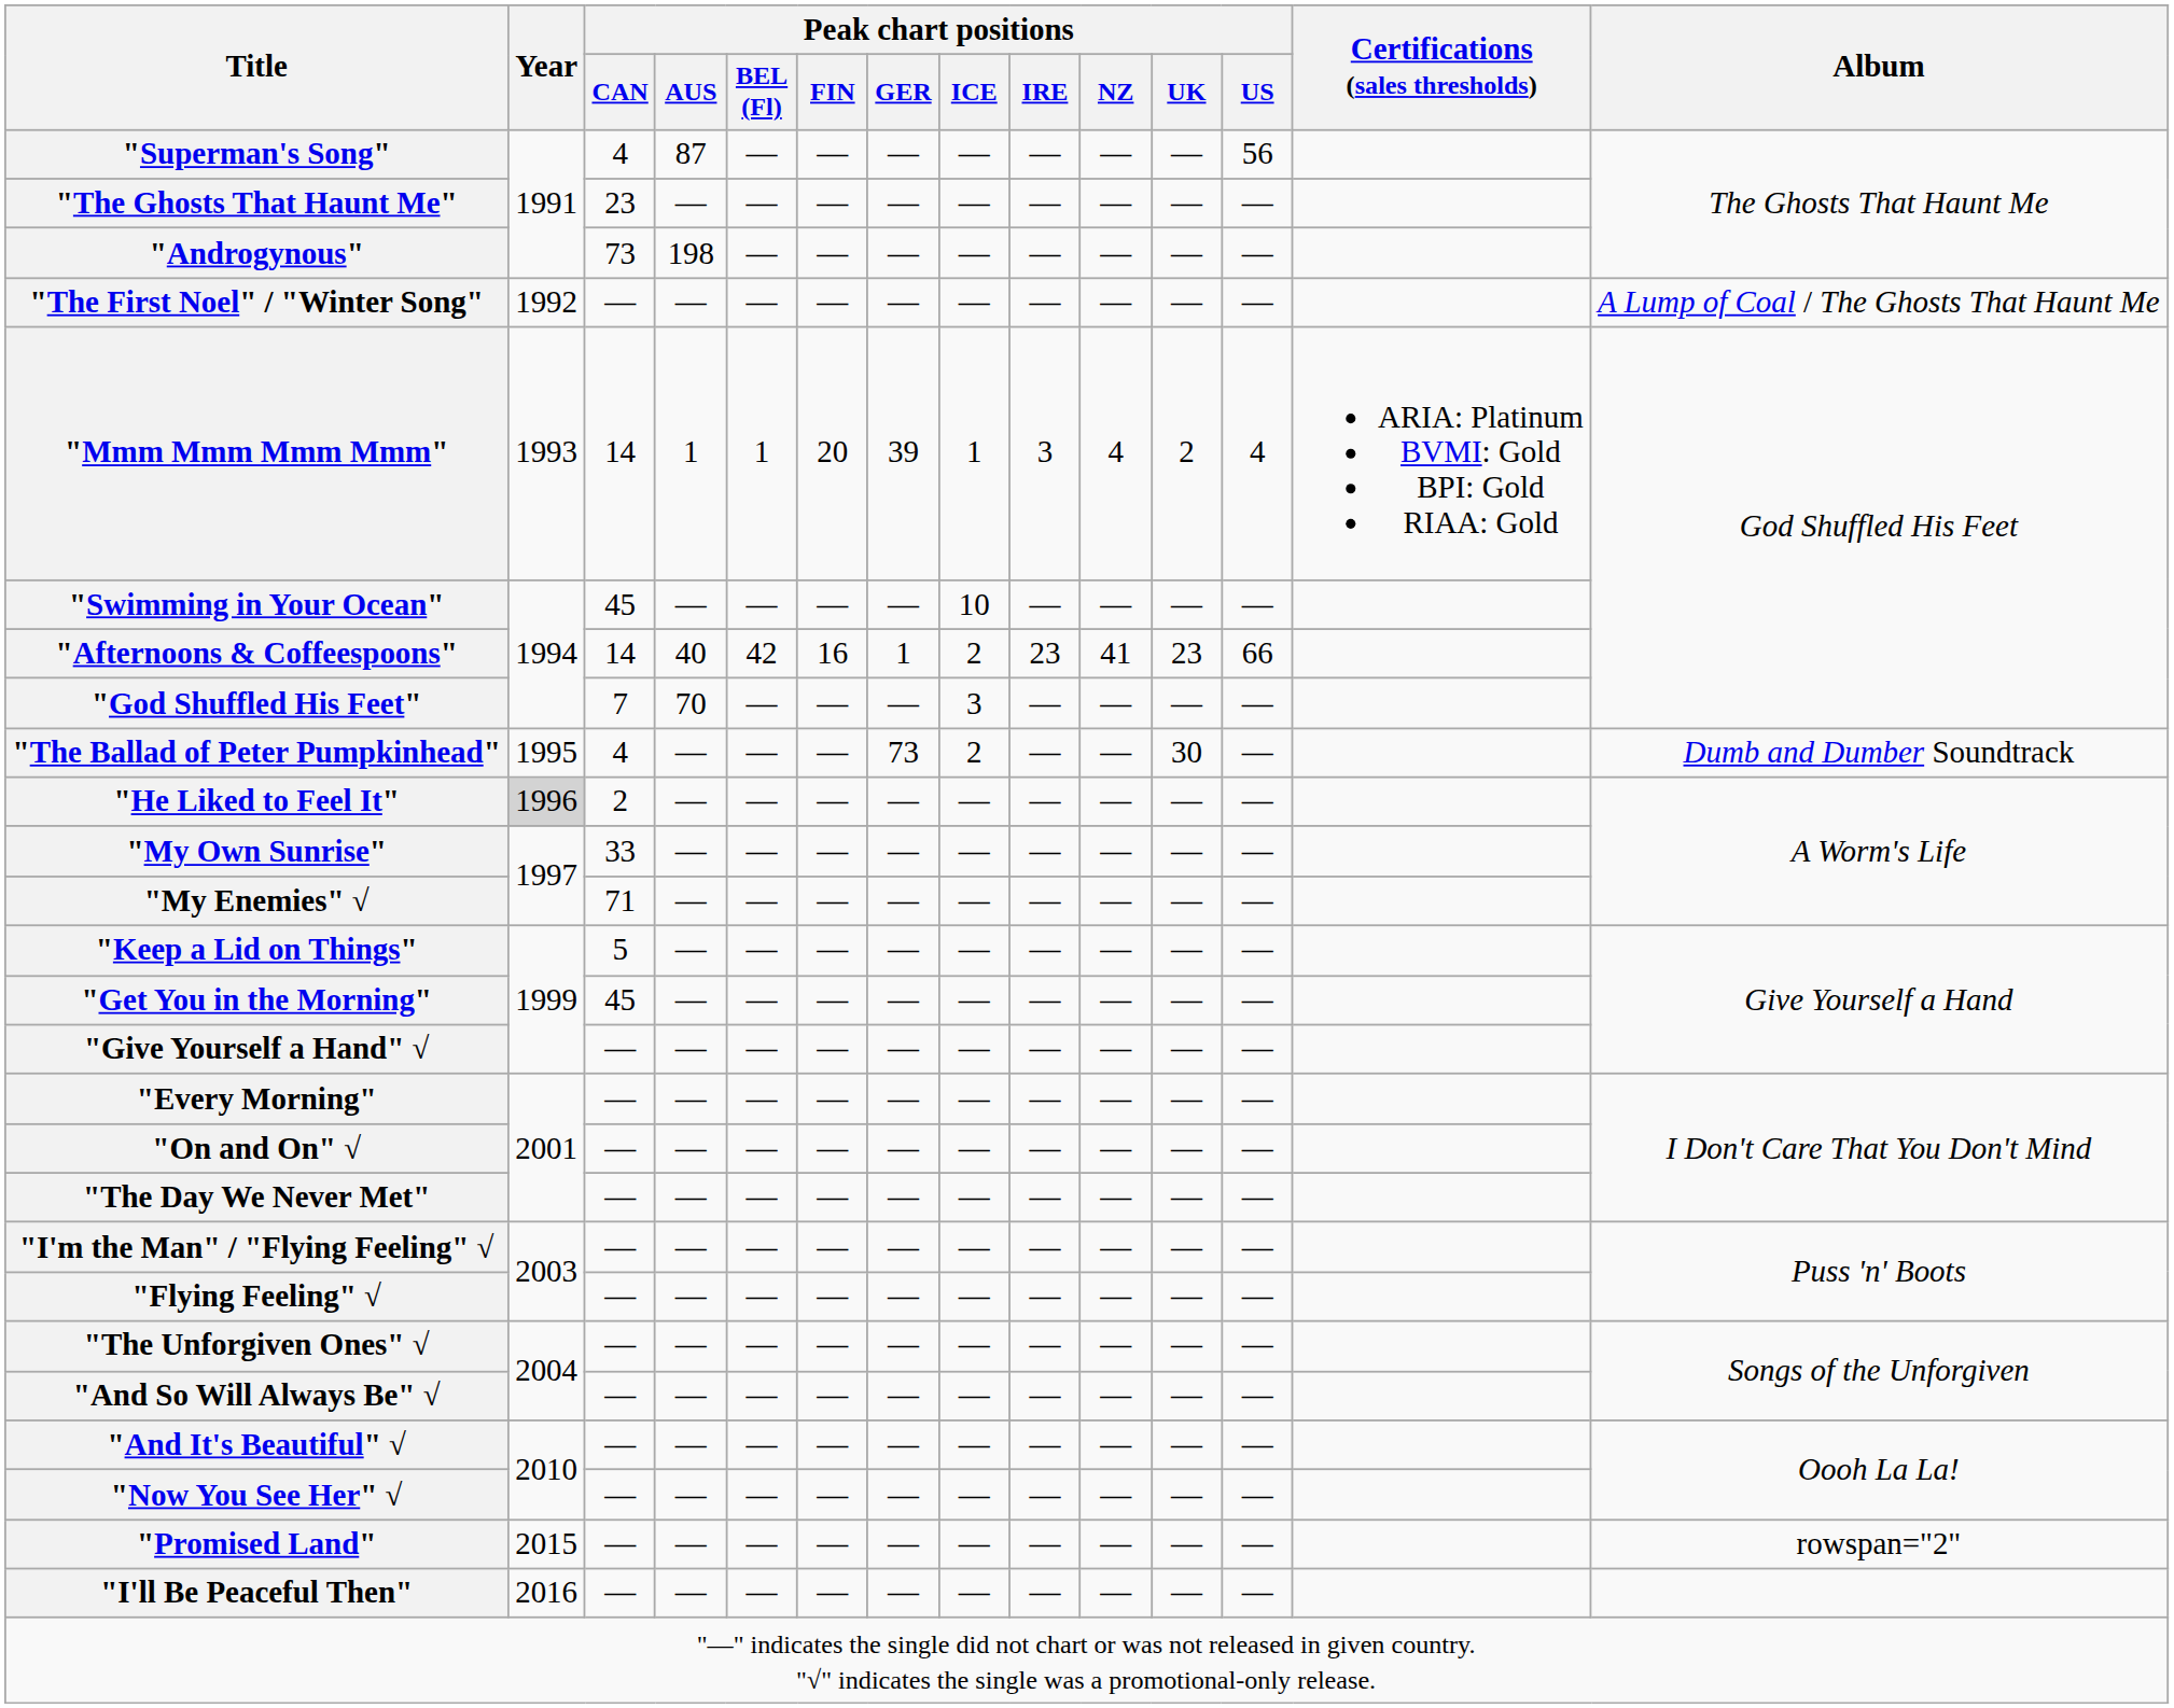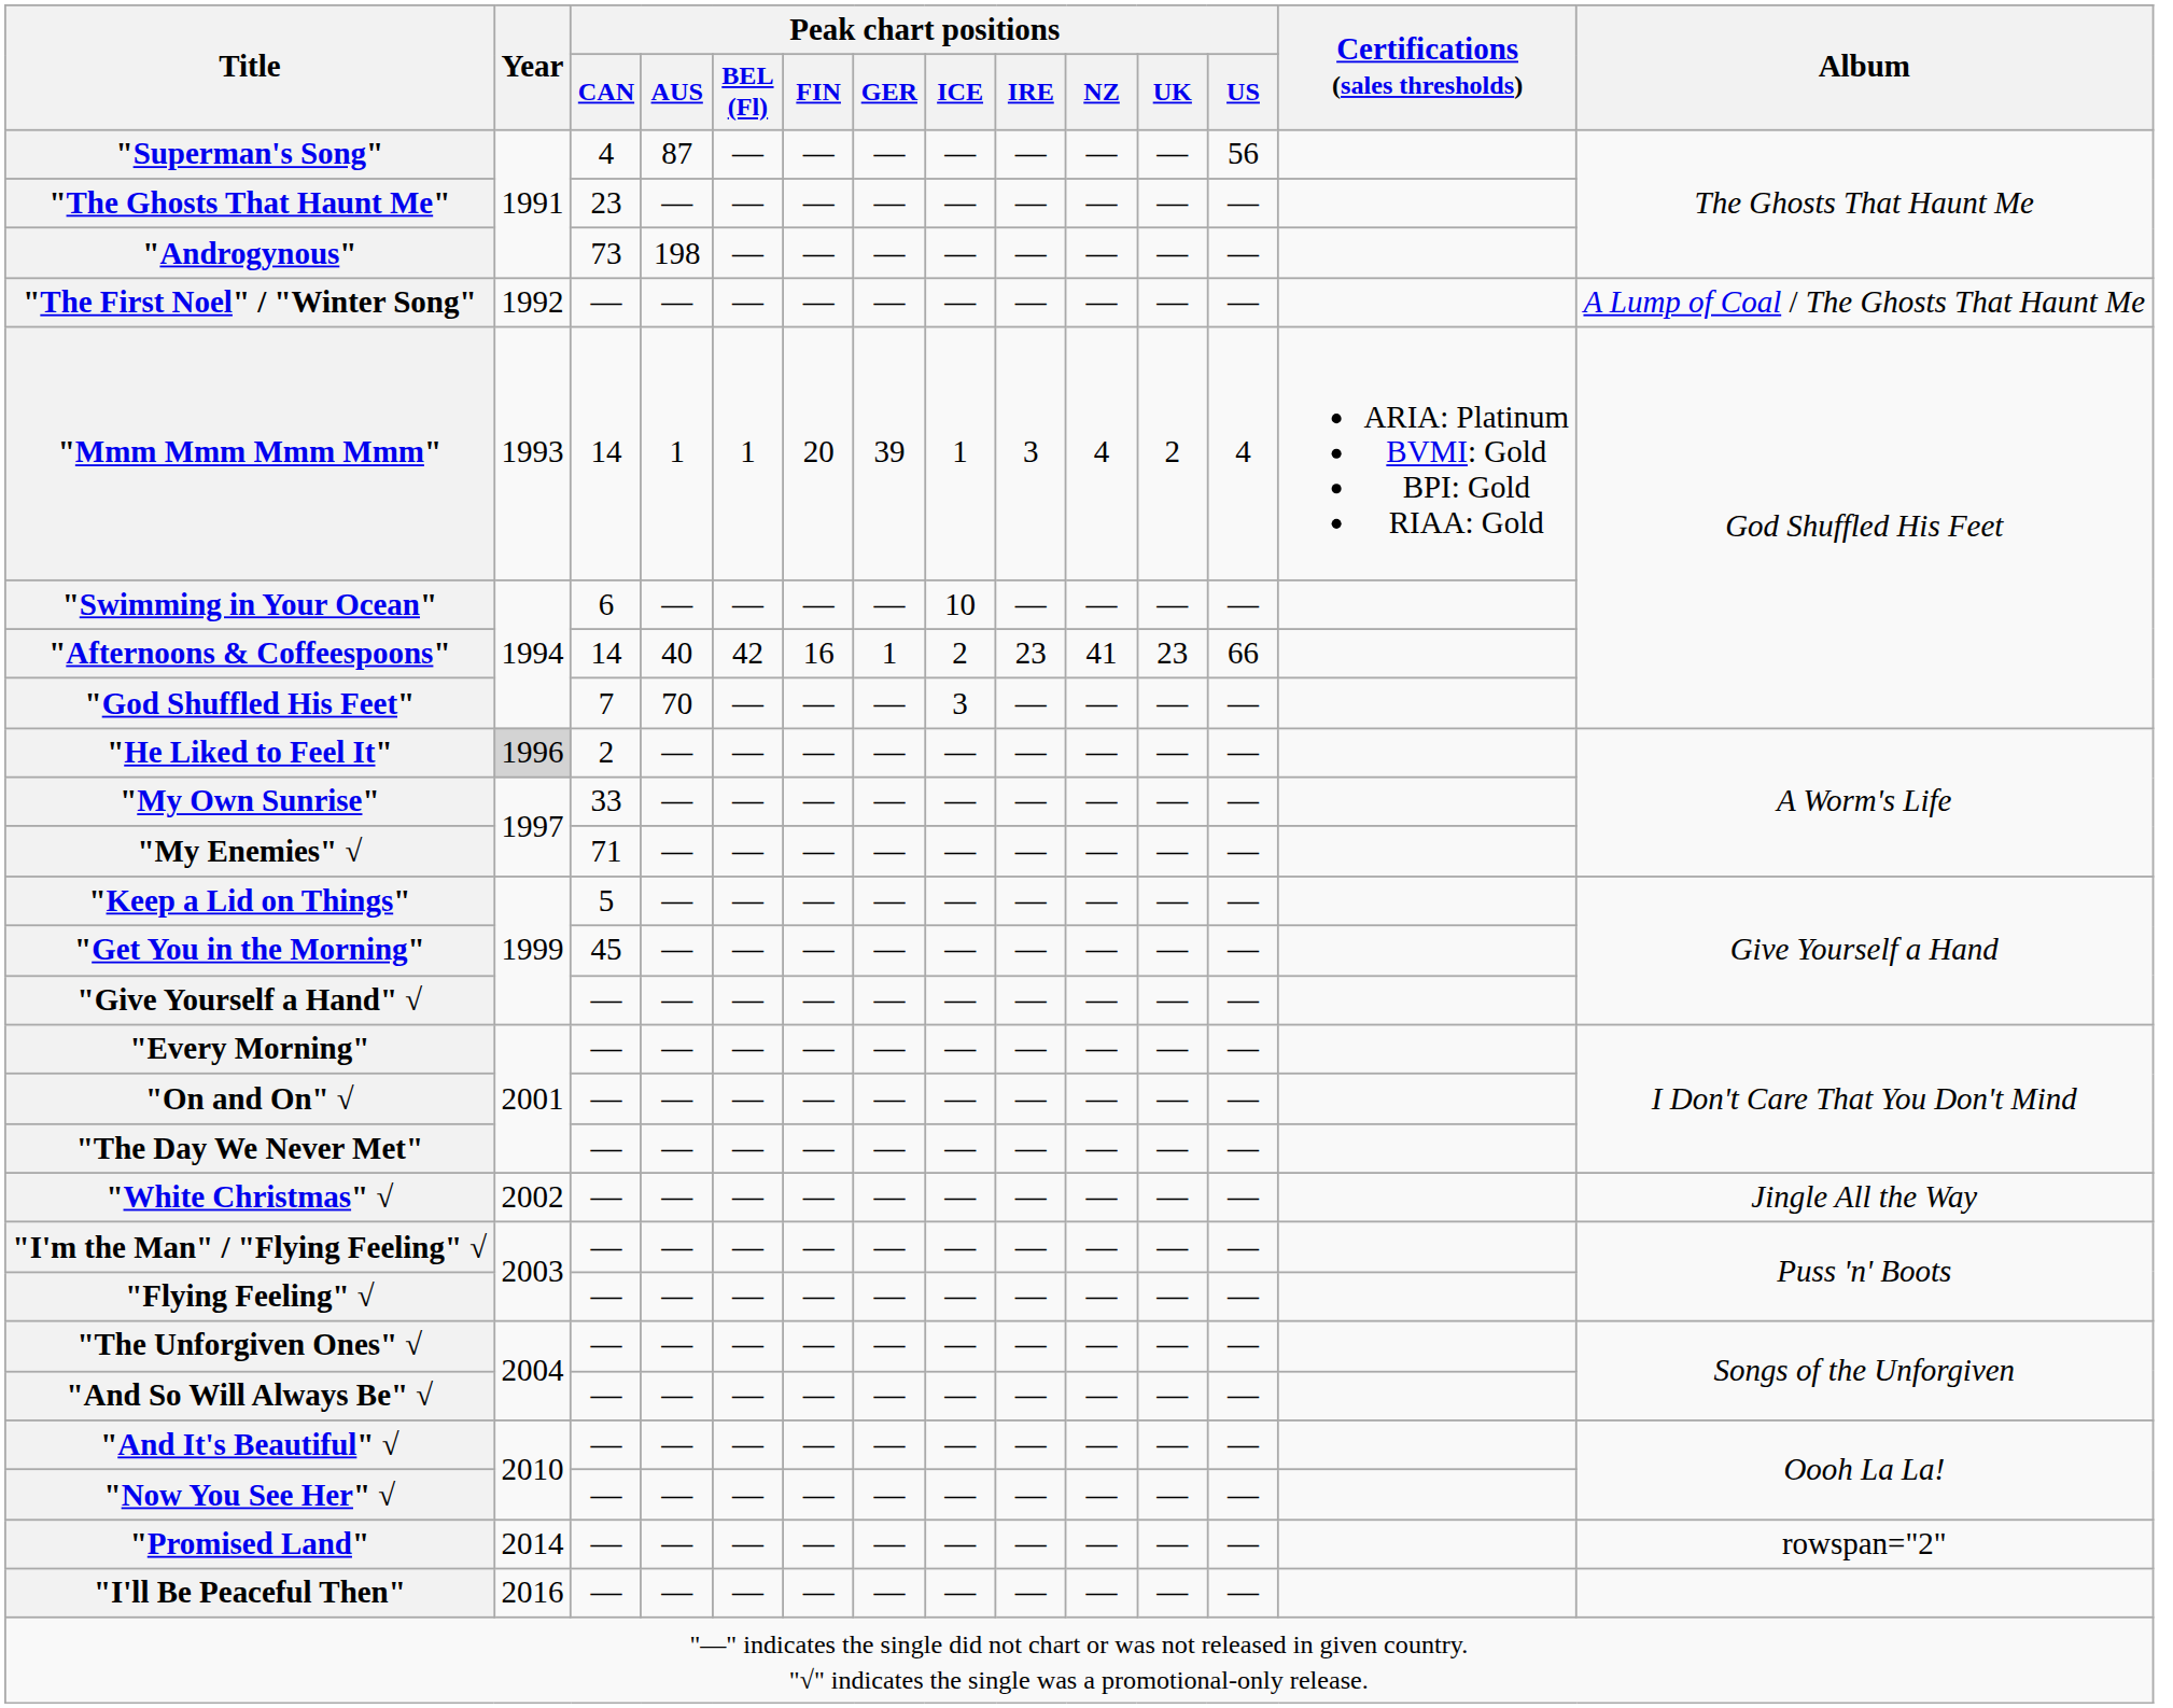 <table class="wikitable plainrowheaders" style="text-align:center;">
 <tr>
 <th rowspan="2">Title</th>
 <th rowspan="2">Year</th>
 <th colspan="10">Peak chart positions</th>
 <th rowspan="2"><a href='#'>Certifications</a><br><small>(<a href='#'>sales thresholds</a>)</small></th>
 <th rowspan="2">Album</th>
 </tr>
 <tr style="font-size:smaller;">
 <th width="30"><a href='#'>CAN</a><br></th>
 <th width="30"><a href='#'>AUS</a><br></th>
 <th width="30"><a href='#'>BEL<br>(Fl)</a> <br></th>
 <th width="30"><a href='#'>FIN</a> <br></th>
 <th width="30"><a href='#'>GER</a> <br></th>
 <th width="30"><a href='#'>ICE</a><br></th>
 <th width="30"><a href='#'>IRE</a> <br></th>
 <th width="30"><a href='#'>NZ</a> <br></th>
 <th width="30"><a href='#'>UK</a><br></th>
 <th width="30"><a href='#'>US</a><br></th>
 </tr>
 <tr>
 <th scope="row">"<a href='#'>Superman's Song</a>"</th>
 <td rowspan="3">1991</td>
 <td>4</td>
 <td>87</td>
 <td>—</td>
 <td>—</td>
 <td>—</td>
 <td>—</td>
 <td>—</td>
 <td>—</td>
 <td>—</td>
 <td>56</td>
 <td></td>
 <td rowspan="3"><em>The Ghosts That Haunt Me</em></td>
 </tr>
 <tr>
 <th scope="row">"<a href='#'>The Ghosts That Haunt Me</a>"</th>
 <td>23</td>
 <td>—</td>
 <td>—</td>
 <td>—</td>
 <td>—</td>
 <td>—</td>
 <td>—</td>
 <td>—</td>
 <td>—</td>
 <td>—</td>
 <td></td>
 </tr>
 <tr>
 <th scope="row">"<a href='#'>Androgynous</a>"</th>
 <td>73</td>
 <td>198</td>
 <td>—</td>
 <td>—</td>
 <td>—</td>
 <td>—</td>
 <td>—</td>
 <td>—</td>
 <td>—</td>
 <td>—</td>
 <td></td>
 </tr>
 <tr>
 <th scope="row">"<a href='#'>The First Noel</a>" / "Winter Song"</th>
 <td>1992</td>
 <td>—</td>
 <td>—</td>
 <td>—</td>
 <td>—</td>
 <td>—</td>
 <td>—</td>
 <td>—</td>
 <td>—</td>
 <td>—</td>
 <td>—</td>
 <td></td>
 <td><em><a href='#'>A Lump of Coal</a></em> / <em>The Ghosts That Haunt Me</em></td>
 </tr>
 <tr>
 <th scope="row">"<a href='#'>Mmm Mmm Mmm Mmm</a>"</th>
 <td>1993</td>
 <td>14</td>
 <td>1</td>
 <td>1</td>
 <td>20</td>
 <td>39</td>
 <td>1</td>
 <td>3</td>
 <td>4</td>
 <td>2</td>
 <td>4</td>
 <td><br><ul><li>ARIA: Platinum</li><li><a href='#'>BVMI</a>: Gold</li><li>BPI: Gold</li><li>RIAA: Gold</li></ul></td>
 <td rowspan="4"><em>God Shuffled His Feet</em></td>
 </tr>
 <tr>
 <th scope="row">"<a href='#'>Swimming in Your Ocean</a>"</th>
 <td rowspan="3">1994</td>
-<td>45</td>
+<td>6</td>
 <td>—</td>
 <td>—</td>
 <td>—</td>
 <td>—</td>
 <td>10</td>
 <td>—</td>
 <td>—</td>
 <td>—</td>
 <td>—</td>
 <td></td>
 </tr>
 <tr>
 <th scope="row">"<a href='#'>Afternoons & Coffeespoons</a>"</th>
 <td>14</td>
 <td>40</td>
 <td>42</td>
 <td>16</td>
 <td>1</td>
 <td>2</td>
 <td>23</td>
 <td>41</td>
 <td>23</td>
 <td>66</td>
 <td></td>
 </tr>
 <tr>
 <th scope="row">"<a href='#'>God Shuffled His Feet</a>"</th>
 <td>7</td>
 <td>70</td>
 <td>—</td>
 <td>—</td>
 <td>—</td>
 <td>3</td>
 <td>—</td>
 <td>—</td>
 <td>—</td>
 <td>—</td>
 <td></td>
-</tr>
-<tr>
-<th scope="row">"<a href='#'>The Ballad of Peter Pumpkinhead</a>"</th>
-<td>1995</td>
-<td>4</td>
-<td>—</td>
-<td>—</td>
-<td>—</td>
-<td>73</td>
-<td>2</td>
-<td>—</td>
-<td>—</td>
-<td>30</td>
-<td>—</td>
-<td></td>
-<td><em><a href='#'>Dumb and Dumber</a></em> Soundtrack</td>
 </tr>
 <tr>
 <th scope="row">"<a href='#'>He Liked to Feel It</a>"</th>
 <td style="background: lightgrey;">1996</td>
 <td>2</td>
 <td>—</td>
 <td>—</td>
 <td>—</td>
 <td>—</td>
 <td>—</td>
 <td>—</td>
 <td>—</td>
 <td>—</td>
 <td>—</td>
 <td></td>
 <td rowspan="3"><em>A Worm's Life</em></td>
 </tr>
 <tr>
 <th scope="row">"<a href='#'>My Own Sunrise</a>"</th>
 <td rowspan="2">1997</td>
 <td>33</td>
 <td>—</td>
 <td>—</td>
 <td>—</td>
 <td>—</td>
 <td>—</td>
 <td>—</td>
 <td>—</td>
 <td>—</td>
 <td>—</td>
 <td></td>
 </tr>
 <tr>
 <th scope="row">"My Enemies" √</th>
 <td>71</td>
 <td>—</td>
 <td>—</td>
 <td>—</td>
 <td>—</td>
 <td>—</td>
 <td>—</td>
 <td>—</td>
 <td>—</td>
 <td>—</td>
 <td></td>
 </tr>
 <tr>
 <th scope="row">"<a href='#'>Keep a Lid on Things</a>"</th>
 <td rowspan="3">1999</td>
 <td>5</td>
 <td>—</td>
 <td>—</td>
 <td>—</td>
 <td>—</td>
 <td>—</td>
 <td>—</td>
 <td>—</td>
 <td>—</td>
 <td>—</td>
 <td></td>
 <td rowspan="3"><em>Give Yourself a Hand</em></td>
 </tr>
 <tr>
 <th scope="row">"<a href='#'>Get You in the Morning</a>"</th>
 <td>45</td>
 <td>—</td>
 <td>—</td>
 <td>—</td>
 <td>—</td>
 <td>—</td>
 <td>—</td>
 <td>—</td>
 <td>—</td>
 <td>—</td>
 <td></td>
 </tr>
 <tr>
 <th scope="row">"Give Yourself a Hand" √</th>
 <td>—</td>
 <td>—</td>
 <td>—</td>
 <td>—</td>
 <td>—</td>
 <td>—</td>
 <td>—</td>
 <td>—</td>
 <td>—</td>
 <td>—</td>
 <td></td>
 </tr>
 <tr>
 <th scope="row">"Every Morning"</th>
 <td rowspan="3">2001</td>
 <td>—</td>
 <td>—</td>
 <td>—</td>
 <td>—</td>
 <td>—</td>
 <td>—</td>
 <td>—</td>
 <td>—</td>
 <td>—</td>
 <td>—</td>
 <td></td>
 <td rowspan="3"><em>I Don't Care That You Don't Mind</em></td>
 </tr>
 <tr>
 <th scope="row">"On and On" √</th>
 <td>—</td>
 <td>—</td>
 <td>—</td>
 <td>—</td>
 <td>—</td>
 <td>—</td>
 <td>—</td>
 <td>—</td>
 <td>—</td>
 <td>—</td>
 <td></td>
 </tr>
 <tr>
 <th scope="row">"The Day We Never Met"</th>
 <td>—</td>
 <td>—</td>
 <td>—</td>
 <td>—</td>
 <td>—</td>
 <td>—</td>
 <td>—</td>
 <td>—</td>
 <td>—</td>
 <td>—</td>
 <td></td>
 </tr>
 <tr>
+<th scope="row">"<a href='#'>White Christmas</a>" √</th>
+<td>2002</td>
+<td>—</td>
+<td>—</td>
+<td>—</td>
+<td>—</td>
+<td>—</td>
+<td>—</td>
+<td>—</td>
+<td>—</td>
+<td>—</td>
+<td>—</td>
+<td></td>
+<td><em>Jingle All the Way</em></td>
+</tr>
+<tr>
 <th scope="row">"I'm the Man" / "Flying Feeling" √</th>
 <td rowspan="2">2003</td>
 <td>—</td>
 <td>—</td>
 <td>—</td>
 <td>—</td>
 <td>—</td>
 <td>—</td>
 <td>—</td>
 <td>—</td>
 <td>—</td>
 <td>—</td>
 <td></td>
 <td rowspan="2"><em>Puss 'n' Boots</em></td>
 </tr>
 <tr>
 <th scope="row">"Flying Feeling" √</th>
 <td>—</td>
 <td>—</td>
 <td>—</td>
 <td>—</td>
 <td>—</td>
 <td>—</td>
 <td>—</td>
 <td>—</td>
 <td>—</td>
 <td>—</td>
 <td></td>
 </tr>
 <tr>
 <th scope="row">"The Unforgiven Ones" √</th>
 <td rowspan="2">2004</td>
 <td>—</td>
 <td>—</td>
 <td>—</td>
 <td>—</td>
 <td>—</td>
 <td>—</td>
 <td>—</td>
 <td>—</td>
 <td>—</td>
 <td>—</td>
 <td></td>
 <td rowspan="2"><em>Songs of the Unforgiven</em></td>
 </tr>
 <tr>
 <th scope="row">"And So Will Always Be" √</th>
 <td>—</td>
 <td>—</td>
 <td>—</td>
 <td>—</td>
 <td>—</td>
 <td>—</td>
 <td>—</td>
 <td>—</td>
 <td>—</td>
 <td>—</td>
 <td></td>
 </tr>
 <tr>
 <th scope="row">"<a href='#'>And It's Beautiful</a>" √</th>
 <td rowspan="2">2010</td>
 <td>—</td>
 <td>—</td>
 <td>—</td>
 <td>—</td>
 <td>—</td>
 <td>—</td>
 <td>—</td>
 <td>—</td>
 <td>—</td>
 <td>—</td>
 <td></td>
 <td rowspan="2"><em>Oooh La La!</em></td>
 </tr>
 <tr>
 <th scope="row">"<a href='#'>Now You See Her</a>" √</th>
 <td>—</td>
 <td>—</td>
 <td>—</td>
 <td>—</td>
 <td>—</td>
 <td>—</td>
 <td>—</td>
 <td>—</td>
 <td>—</td>
 <td>—</td>
 <td></td>
 </tr>
 <tr>
 <th scope="row">"<a href='#'>Promised Land</a>"</th>
-<td>2015</td>
+<td>2014</td>
 <td>—</td>
 <td>—</td>
 <td>—</td>
 <td>—</td>
 <td>—</td>
 <td>—</td>
 <td>—</td>
 <td>—</td>
 <td>—</td>
 <td>—</td>
 <td></td>
 <td>rowspan="2" </td>
 </tr>
 <tr>
 <th scope="row">"I'll Be Peaceful Then"</th>
 <td>2016</td>
 <td>—</td>
 <td>—</td>
 <td>—</td>
 <td>—</td>
 <td>—</td>
 <td>—</td>
 <td>—</td>
 <td>—</td>
 <td>—</td>
 <td>—</td>
 <td></td>
 </tr>
 <tr>
 <td colspan="14" style="font-weight:normal;"><small>"—" indicates the single did not chart or was not released in given country.</small><br><small>"√" indicates the single was a promotional-only release.</small></td>
 </tr>
 </table>
